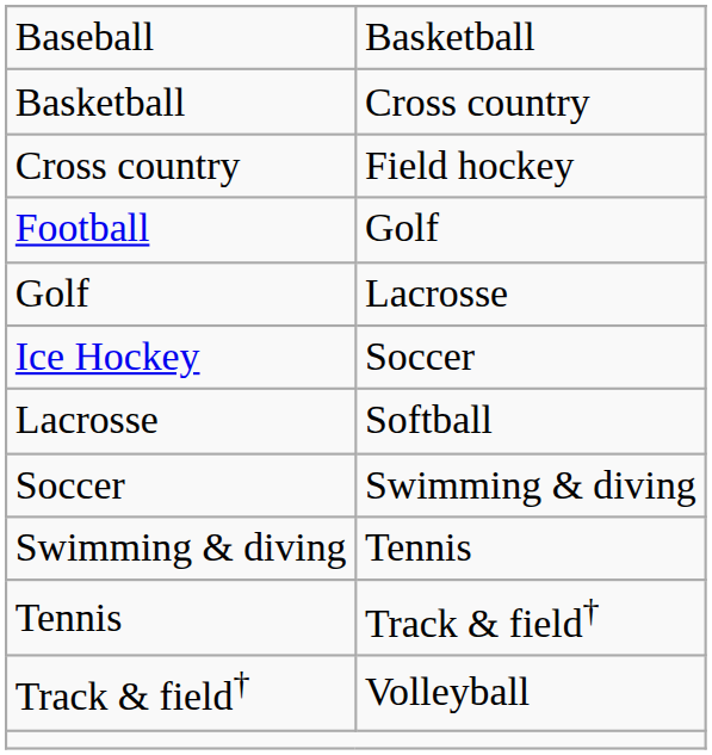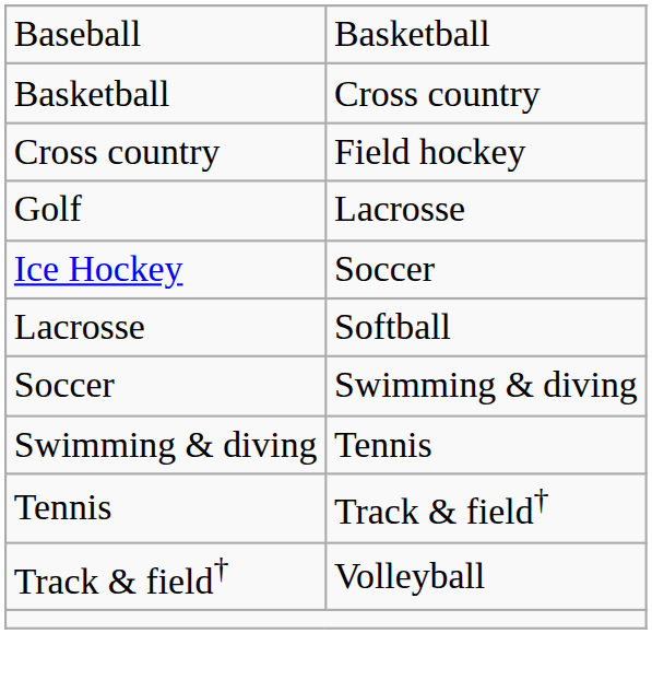 <table class="wikitable">
 <tr>
 </tr>
 <tr>
 <td>Baseball</td>
 <td>Basketball</td>
 </tr>
 <tr>
 <td>Basketball</td>
 <td>Cross country</td>
 </tr>
 <tr>
 <td>Cross country</td>
 <td>Field hockey</td>
-</tr>
-<tr>
-<td><a href='#'>Football</a></td>
-<td>Golf</td>
 </tr>
 <tr>
 <td>Golf</td>
 <td>Lacrosse</td>
 </tr>
 <tr>
 <td><a href='#'>Ice Hockey</a></td>
 <td>Soccer</td>
 </tr>
 <tr>
 <td>Lacrosse</td>
 <td>Softball</td>
 </tr>
 <tr>
 <td>Soccer</td>
 <td>Swimming & diving</td>
 </tr>
 <tr>
 <td>Swimming & diving</td>
 <td>Tennis</td>
 </tr>
 <tr>
 <td>Tennis</td>
 <td>Track & field<sup>†</sup></td>
 </tr>
 <tr>
 <td>Track & field<sup>†</sup></td>
 <td>Volleyball</td>
 </tr>
 <tr>
 <td colspan="2"></td>
 </tr>
 </table>
